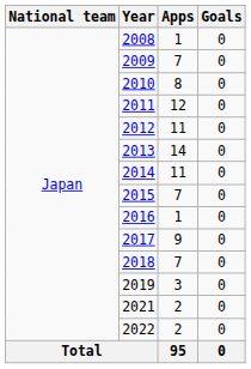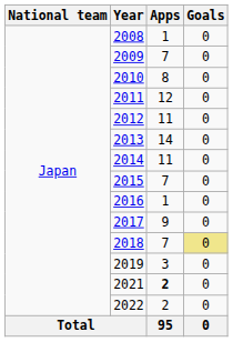 <table class="wikitable" style="text-align: center;">
 <tr>
 <th>National team</th>
 <th>Year</th>
 <th>Apps</th>
 <th>Goals</th>
 </tr>
 <tr>
 <td rowspan="14"><a href='#'>Japan</a></td>
 <td><a href='#'>2008</a></td>
 <td>1</td>
 <td>0</td>
 </tr>
 <tr>
 <td><a href='#'>2009</a></td>
 <td>7</td>
 <td>0</td>
 </tr>
 <tr>
 <td><a href='#'>2010</a></td>
 <td>8</td>
 <td>0</td>
 </tr>
 <tr>
 <td><a href='#'>2011</a></td>
 <td>12</td>
 <td>0</td>
 </tr>
 <tr>
 <td><a href='#'>2012</a></td>
 <td>11</td>
 <td>0</td>
 </tr>
 <tr>
 <td><a href='#'>2013</a></td>
 <td>14</td>
 <td>0</td>
 </tr>
 <tr>
 <td><a href='#'>2014</a></td>
 <td>11</td>
 <td>0</td>
 </tr>
 <tr>
 <td><a href='#'>2015</a></td>
 <td>7</td>
 <td>0</td>
 </tr>
 <tr>
 <td><a href='#'>2016</a></td>
 <td>1</td>
 <td>0</td>
 </tr>
 <tr>
 <td><a href='#'>2017</a></td>
 <td>9</td>
 <td>0</td>
 </tr>
 <tr>
 <td><a href='#'>2018</a></td>
 <td>7</td>
-<td>0</td>
+<td style="background: khaki;">0</td>
 </tr>
 <tr>
 <td>2019</td>
 <td>3</td>
 <td>0</td>
 </tr>
 <tr>
 <td>2021</td>
-<td>2</td>
+<td><strong>2</strong></td>
 <td>0</td>
 </tr>
 <tr>
 <td>2022</td>
 <td>2</td>
 <td>0</td>
 </tr>
 <tr>
 <th colspan="2">Total</th>
 <th>95</th>
 <th>0</th>
 </tr>
 </table>
